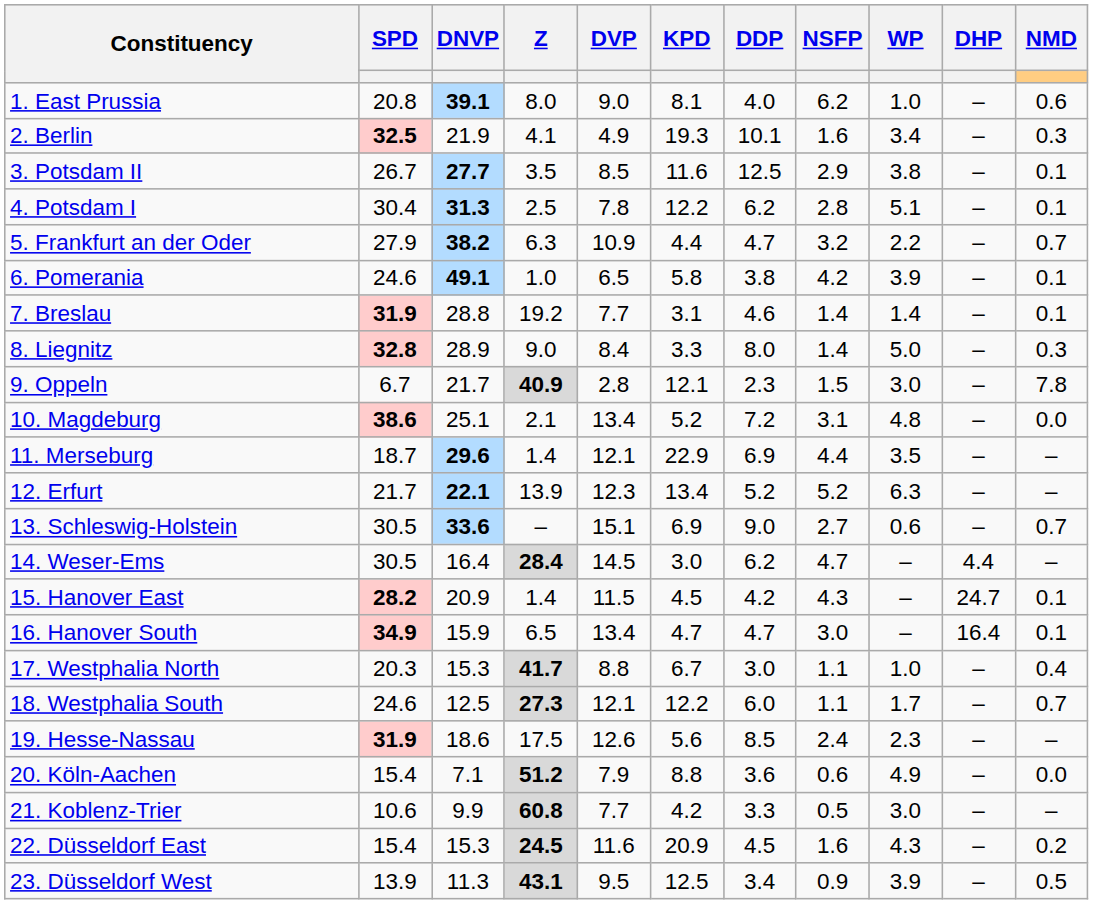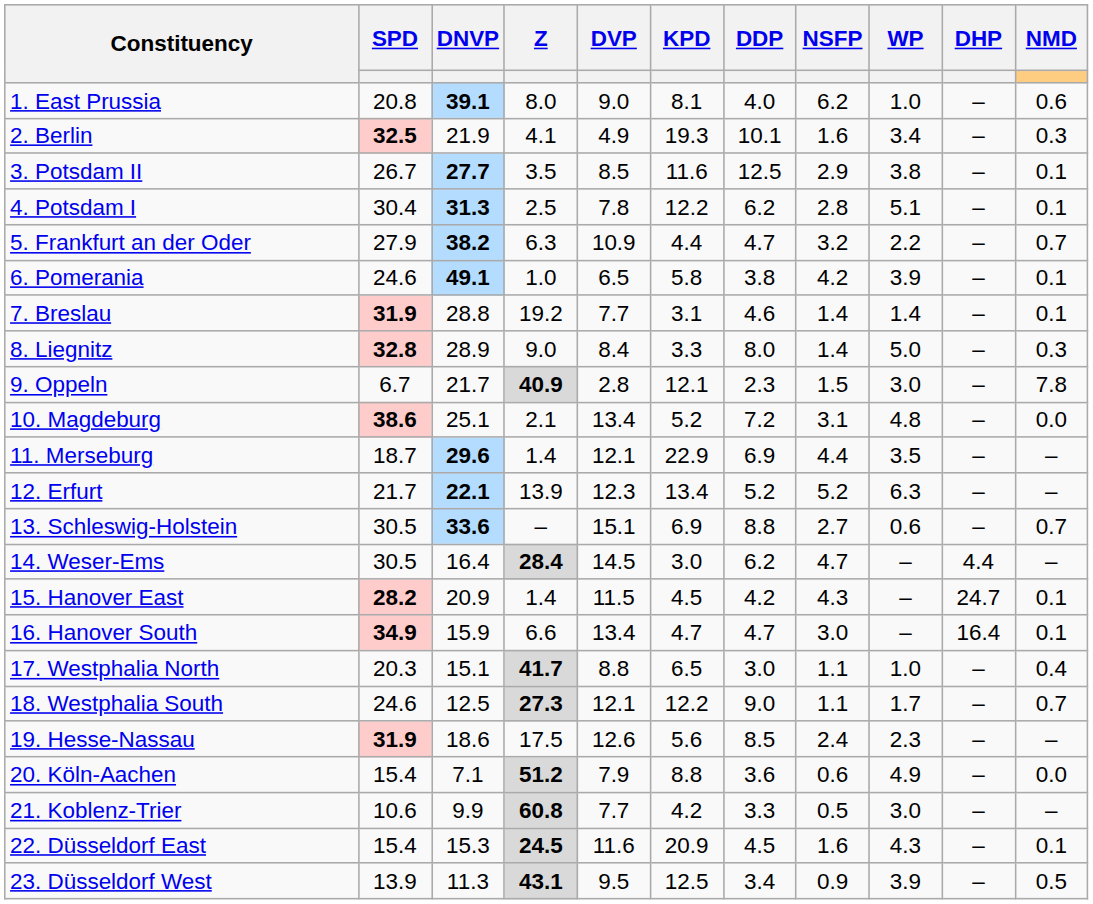 <table class="wikitable sortable" style="text-align:center; font-size:90%;">
 <tr style="height:42px; text-align:center; background-color:#E9E9E9;">
 <th rowspan="2" style="width:220px;">Constituency</th>
 <th style="width:40px;"><a href='#'>SPD</a></th>
 <th style="width:40px;"><a href='#'>DNVP</a></th>
 <th style="width:40px;"><a href='#'>Z</a></th>
 <th style="width:40px;"><a href='#'>DVP</a></th>
 <th style="width:40px;"><a href='#'>KPD</a></th>
 <th style="width:40px;"><a href='#'>DDP</a></th>
 <th style="width:40px;"><a href='#'>NSFP</a></th>
 <th style="width:40px;"><a href='#'>WP</a></th>
 <th style="width:40px;"><a href='#'>DHP</a></th>
 <th style="width:40px;"><a href='#'>NMD</a></th>
 </tr>
 <tr>
 <th data-sort-type="number" style="height:1px; background:"></th>
 <th data-sort-type="number" style="height:1px; background:"></th>
 <th data-sort-type="number" style="height:1px; background:"></th>
 <th data-sort-type="number" style="height:1px; background:"></th>
 <th data-sort-type="number" style="height:1px; background:"></th>
 <th data-sort-type="number" style="height:1px; background:"></th>
 <th data-sort-type="number" style="height:1px; background:"></th>
 <th data-sort-type="number" style="height:1px; background:"></th>
 <th data-sort-type="number" style="height:1px; background:"></th>
 <th data-sort-type="number" style="height:1px; background:#FFCD82;"></th>
 </tr>
 <tr>
 <td align="left"><a href='#'>1. East Prussia</a></td>
 <td>20.8</td>
 <td style="background:#B3DCFF"><strong>39.1</strong></td>
 <td>8.0</td>
 <td>9.0</td>
 <td>8.1</td>
 <td>4.0</td>
 <td>6.2</td>
 <td>1.0</td>
 <td>–</td>
 <td>0.6</td>
 </tr>
 <tr>
 <td align="left"><a href='#'>2. Berlin</a></td>
 <td style="background:#FFCCCC"><strong>32.5</strong></td>
 <td>21.9</td>
 <td>4.1</td>
 <td>4.9</td>
 <td>19.3</td>
 <td>10.1</td>
 <td>1.6</td>
 <td>3.4</td>
 <td>–</td>
 <td>0.3</td>
 </tr>
 <tr>
 <td align="left"><a href='#'>3. Potsdam II</a></td>
 <td>26.7</td>
 <td style="background:#B3DCFF"><strong>27.7</strong></td>
 <td>3.5</td>
 <td>8.5</td>
 <td>11.6</td>
 <td>12.5</td>
 <td>2.9</td>
 <td>3.8</td>
 <td>–</td>
 <td>0.1</td>
 </tr>
 <tr>
 <td align="left"><a href='#'>4. Potsdam I</a></td>
 <td>30.4</td>
 <td style="background:#B3DCFF"><strong>31.3</strong></td>
 <td>2.5</td>
 <td>7.8</td>
 <td>12.2</td>
 <td>6.2</td>
 <td>2.8</td>
 <td>5.1</td>
 <td>–</td>
 <td>0.1</td>
 </tr>
 <tr>
 <td align="left"><a href='#'>5. Frankfurt an der Oder</a></td>
 <td>27.9</td>
 <td style="background:#B3DCFF"><strong>38.2</strong></td>
 <td>6.3</td>
 <td>10.9</td>
 <td>4.4</td>
 <td>4.7</td>
 <td>3.2</td>
 <td>2.2</td>
 <td>–</td>
 <td>0.7</td>
 </tr>
 <tr>
 <td align="left"><a href='#'>6. Pomerania</a></td>
 <td>24.6</td>
 <td style="background:#B3DCFF"><strong>49.1</strong></td>
 <td>1.0</td>
 <td>6.5</td>
 <td>5.8</td>
 <td>3.8</td>
 <td>4.2</td>
 <td>3.9</td>
 <td>–</td>
 <td>0.1</td>
 </tr>
 <tr>
 <td align="left"><a href='#'>7. Breslau</a></td>
 <td style="background:#FFCCCC"><strong>31.9</strong></td>
 <td>28.8</td>
 <td>19.2</td>
 <td>7.7</td>
 <td>3.1</td>
 <td>4.6</td>
 <td>1.4</td>
 <td>1.4</td>
 <td>–</td>
 <td>0.1</td>
 </tr>
 <tr>
 <td align="left"><a href='#'>8. Liegnitz</a></td>
 <td style="background:#FFCCCC"><strong>32.8</strong></td>
 <td>28.9</td>
 <td>9.0</td>
 <td>8.4</td>
 <td>3.3</td>
 <td>8.0</td>
 <td>1.4</td>
 <td>5.0</td>
 <td>–</td>
 <td>0.3</td>
 </tr>
 <tr>
 <td align="left"><a href='#'>9. Oppeln</a></td>
 <td>6.7</td>
 <td>21.7</td>
 <td style="background:#D9D9D9"><strong>40.9</strong></td>
 <td>2.8</td>
 <td>12.1</td>
 <td>2.3</td>
 <td>1.5</td>
 <td>3.0</td>
 <td>–</td>
 <td>7.8</td>
 </tr>
 <tr>
 <td align="left"><a href='#'>10. Magdeburg</a></td>
 <td style="background:#FFCCCC"><strong>38.6</strong></td>
 <td>25.1</td>
 <td>2.1</td>
 <td>13.4</td>
 <td>5.2</td>
 <td>7.2</td>
 <td>3.1</td>
 <td>4.8</td>
 <td>–</td>
 <td>0.0</td>
 </tr>
 <tr>
 <td align="left"><a href='#'>11. Merseburg</a></td>
 <td>18.7</td>
 <td style="background:#B3DCFF"><strong>29.6</strong></td>
 <td>1.4</td>
 <td>12.1</td>
 <td>22.9</td>
 <td>6.9</td>
 <td>4.4</td>
 <td>3.5</td>
 <td>–</td>
 <td>–</td>
 </tr>
 <tr>
 <td align="left"><a href='#'>12. Erfurt</a></td>
 <td>21.7</td>
 <td style="background:#B3DCFF"><strong>22.1</strong></td>
 <td>13.9</td>
 <td>12.3</td>
 <td>13.4</td>
 <td>5.2</td>
 <td>5.2</td>
 <td>6.3</td>
 <td>–</td>
 <td>–</td>
 </tr>
 <tr>
 <td align="left"><a href='#'>13. Schleswig-Holstein</a></td>
 <td>30.5</td>
 <td style="background:#B3DCFF"><strong>33.6</strong></td>
 <td>–</td>
 <td>15.1</td>
 <td>6.9</td>
-<td>9.0</td>
+<td>8.8</td>
 <td>2.7</td>
 <td>0.6</td>
 <td>–</td>
 <td>0.7</td>
 </tr>
 <tr>
 <td align="left"><a href='#'>14. Weser-Ems</a></td>
 <td>30.5</td>
 <td>16.4</td>
 <td style="background:#D9D9D9"><strong>28.4</strong></td>
 <td>14.5</td>
 <td>3.0</td>
 <td>6.2</td>
 <td>4.7</td>
 <td>–</td>
 <td>4.4</td>
 <td>–</td>
 </tr>
 <tr>
 <td align="left"><a href='#'>15. Hanover East</a></td>
 <td style="background:#FFCCCC"><strong>28.2</strong></td>
 <td>20.9</td>
 <td>1.4</td>
 <td>11.5</td>
 <td>4.5</td>
 <td>4.2</td>
 <td>4.3</td>
 <td>–</td>
 <td>24.7</td>
 <td>0.1</td>
 </tr>
 <tr>
 <td align="left"><a href='#'>16. Hanover South</a></td>
 <td style="background:#FFCCCC"><strong>34.9</strong></td>
 <td>15.9</td>
-<td>6.5</td>
+<td>6.6</td>
 <td>13.4</td>
 <td>4.7</td>
 <td>4.7</td>
 <td>3.0</td>
 <td>–</td>
 <td>16.4</td>
 <td>0.1</td>
 </tr>
 <tr>
 <td align="left"><a href='#'>17. Westphalia North</a></td>
 <td>20.3</td>
-<td>15.3</td>
+<td>15.1</td>
 <td style="background:#D9D9D9"><strong>41.7</strong></td>
 <td>8.8</td>
-<td>6.7</td>
+<td>6.5</td>
 <td>3.0</td>
 <td>1.1</td>
 <td>1.0</td>
 <td>–</td>
 <td>0.4</td>
 </tr>
 <tr>
 <td align="left"><a href='#'>18. Westphalia South</a></td>
 <td>24.6</td>
 <td>12.5</td>
 <td style="background:#D9D9D9"><strong>27.3</strong></td>
 <td>12.1</td>
 <td>12.2</td>
-<td>6.0</td>
+<td>9.0</td>
 <td>1.1</td>
 <td>1.7</td>
 <td>–</td>
 <td>0.7</td>
 </tr>
 <tr>
 <td align="left"><a href='#'>19. Hesse-Nassau</a></td>
 <td style="background:#FFCCCC"><strong>31.9</strong></td>
 <td>18.6</td>
 <td>17.5</td>
 <td>12.6</td>
 <td>5.6</td>
 <td>8.5</td>
 <td>2.4</td>
 <td>2.3</td>
 <td>–</td>
 <td>–</td>
 </tr>
 <tr>
 <td align="left"><a href='#'>20. Köln-Aachen</a></td>
 <td>15.4</td>
 <td>7.1</td>
 <td style="background:#D9D9D9"><strong>51.2</strong></td>
 <td>7.9</td>
 <td>8.8</td>
 <td>3.6</td>
 <td>0.6</td>
 <td>4.9</td>
 <td>–</td>
 <td>0.0</td>
 </tr>
 <tr>
 <td align="left"><a href='#'>21. Koblenz-Trier</a></td>
 <td>10.6</td>
 <td>9.9</td>
 <td style="background:#D9D9D9"><strong>60.8</strong></td>
 <td>7.7</td>
 <td>4.2</td>
 <td>3.3</td>
 <td>0.5</td>
 <td>3.0</td>
 <td>–</td>
 <td>–</td>
 </tr>
 <tr>
 <td align="left"><a href='#'>22. Düsseldorf East</a></td>
 <td>15.4</td>
 <td>15.3</td>
 <td style="background:#D9D9D9"><strong>24.5</strong></td>
 <td>11.6</td>
 <td>20.9</td>
 <td>4.5</td>
 <td>1.6</td>
 <td>4.3</td>
 <td>–</td>
-<td>0.2</td>
+<td>0.1</td>
 </tr>
 <tr>
 <td align="left"><a href='#'>23. Düsseldorf West</a></td>
 <td>13.9</td>
 <td>11.3</td>
 <td style="background:#D9D9D9"><strong>43.1</strong></td>
 <td>9.5</td>
 <td>12.5</td>
 <td>3.4</td>
 <td>0.9</td>
 <td>3.9</td>
 <td>–</td>
 <td>0.5</td>
 </tr>
 </table>
